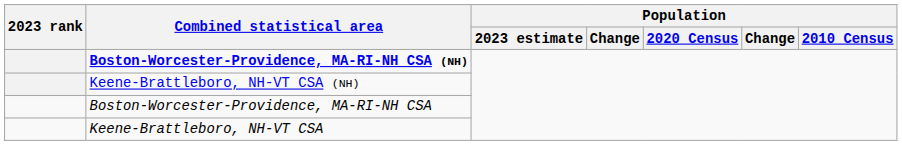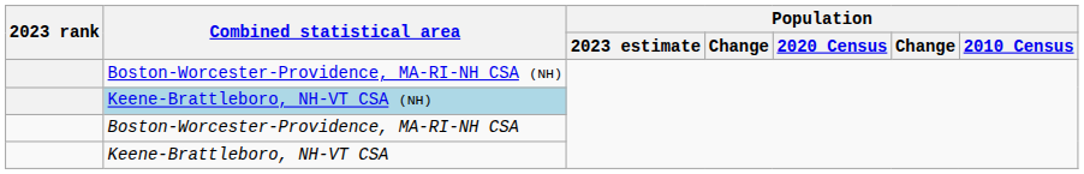 <table class="wikitable sortable">
 <tr>
 <th scope=col rowspan=2>2023 rank</th>
 <th scope=col rowspan=2><a href='#'>Combined statistical area</a></th>
 <th colspan=5>Population</th>
 </tr>
 <tr>
 <th scope=col>2023 estimate</th>
 <th scope=col>Change</th>
 <th scope=col><a href='#'>2020 Census</a></th>
 <th scope=col>Change</th>
 <th scope=col><a href='#'>2010 Census</a></th>
 </tr>
 <tr>
 <th scope=row></th>
-<td><strong><a href='#'>Boston-Worcester-Providence, MA-RI-NH CSA</a> <small>(NH)</small><br></strong></td>
+<td><a href='#'>Boston-Worcester-Providence, MA-RI-NH CSA</a> <small>(NH)</small><br></td>
 </tr>
 <tr>
 <th scope=row></th>
-<td><a href='#'>Keene-Brattleboro, NH-VT CSA</a> <small>(NH)</small><br></td>
+<td style="background: lightblue;"><a href='#'>Keene-Brattleboro, NH-VT CSA</a> <small>(NH)</small><br></td>
 </tr>
 <tr>
 <td></td>
 <td><em><span>Boston-Worcester-Providence, MA-RI-NH CSA</span></em><br></td>
 </tr>
 <tr>
 <td></td>
 <td><em><span>Keene-Brattleboro, NH-VT CSA</span></em><br></td>
 </tr>
 </table>
